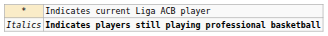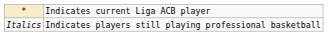 <table class="wikitable">
 <tr>
 <td align=center style="background-color:#faecc8">*</td>
 <td>Indicates current Liga ACB player</td>
 </tr>
 <tr>
 <td><em>Italics</em></td>
-<td><strong>Indicates players still playing professional basketball</strong></td>
+<td>Indicates players still playing professional basketball</td>
 </tr>
 </table>
